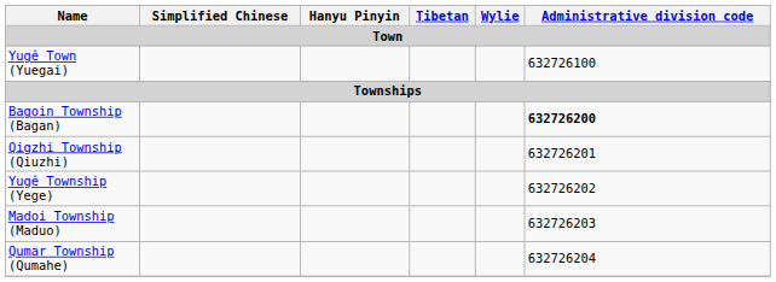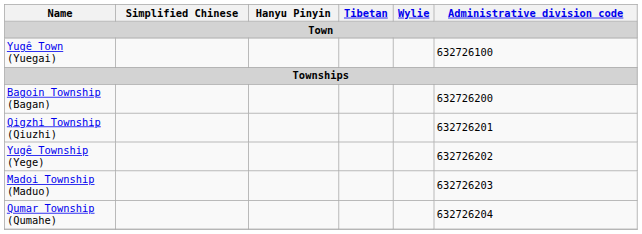 <table class="wikitable" align="center" style="width:50%; border="1">
 <tr>
 <th>Name</th>
 <th>Simplified Chinese</th>
 <th>Hanyu Pinyin</th>
 <th><a href='#'>Tibetan</a></th>
 <th><a href='#'>Wylie</a></th>
 <th><a href='#'>Administrative division code</a></th>
 </tr>
 <tr>
 <td colspan="7"  style="text-align:center; background:#d3d3d3;"><strong>Town</strong></td>
 </tr>
 <tr --------->
 <td><a href='#'>Yugê Town</a><br>(Yuegai)</td>
 <td></td>
 <td></td>
 <td></td>
 <td></td>
 <td>632726100</td>
 </tr>
 <tr>
 <td colspan="7"  style="text-align:center; background:#d3d3d3;"><strong>Townships</strong></td>
 </tr>
 <tr --------->
 <td><a href='#'>Bagoin Township</a><br>(Bagan)</td>
 <td></td>
 <td></td>
 <td></td>
 <td></td>
-<td><strong>632726200</strong></td>
+<td>632726200</td>
 </tr>
 <tr>
 <td><a href='#'>Qigzhi Township</a><br>(Qiuzhi)</td>
 <td></td>
 <td></td>
 <td></td>
 <td></td>
 <td>632726201</td>
 </tr>
 <tr>
 <td><a href='#'>Yugê Township</a><br>(Yege)</td>
 <td></td>
 <td></td>
 <td></td>
 <td></td>
 <td>632726202</td>
 </tr>
 <tr>
 <td><a href='#'>Madoi Township</a><br>(Maduo)</td>
 <td></td>
 <td></td>
 <td></td>
 <td></td>
 <td>632726203</td>
 </tr>
 <tr>
 <td><a href='#'>Qumar Township</a><br>(Qumahe)</td>
 <td></td>
 <td></td>
 <td></td>
 <td></td>
 <td>632726204</td>
 </tr>
 <tr>
 </tr>
 </table>
